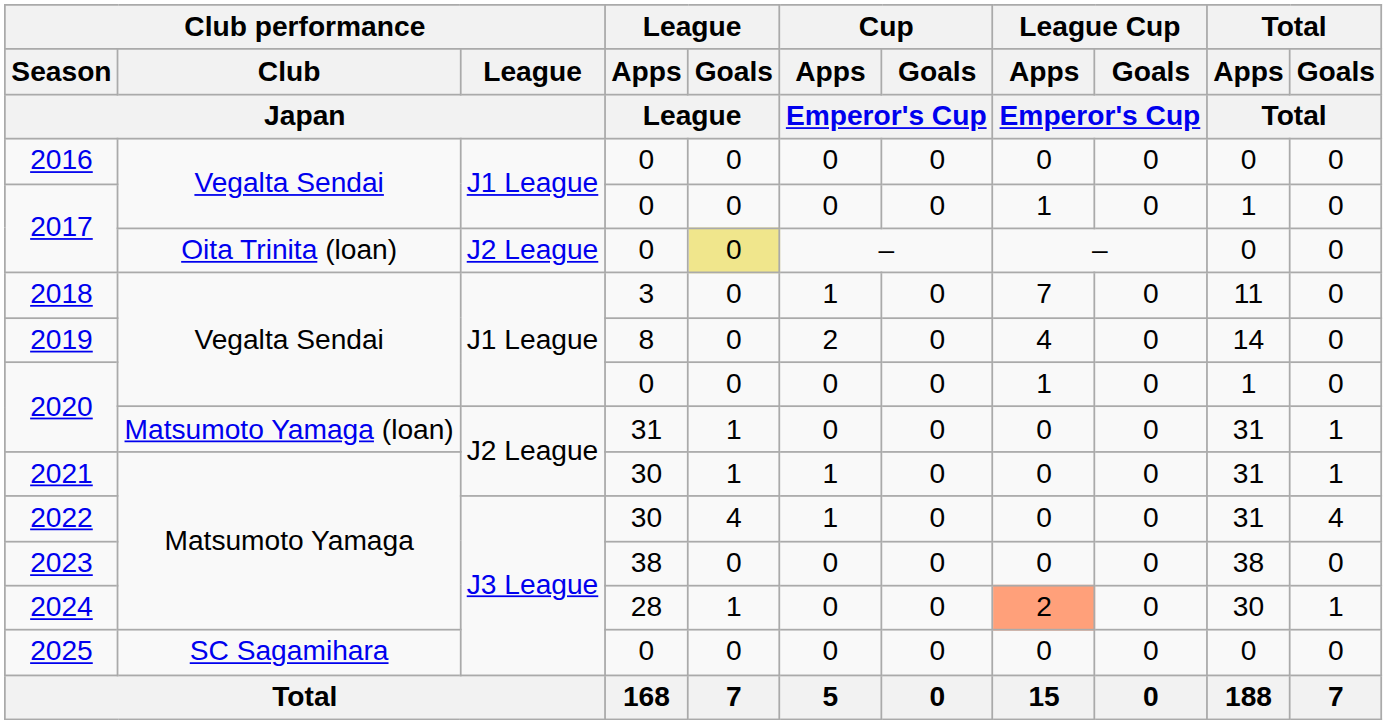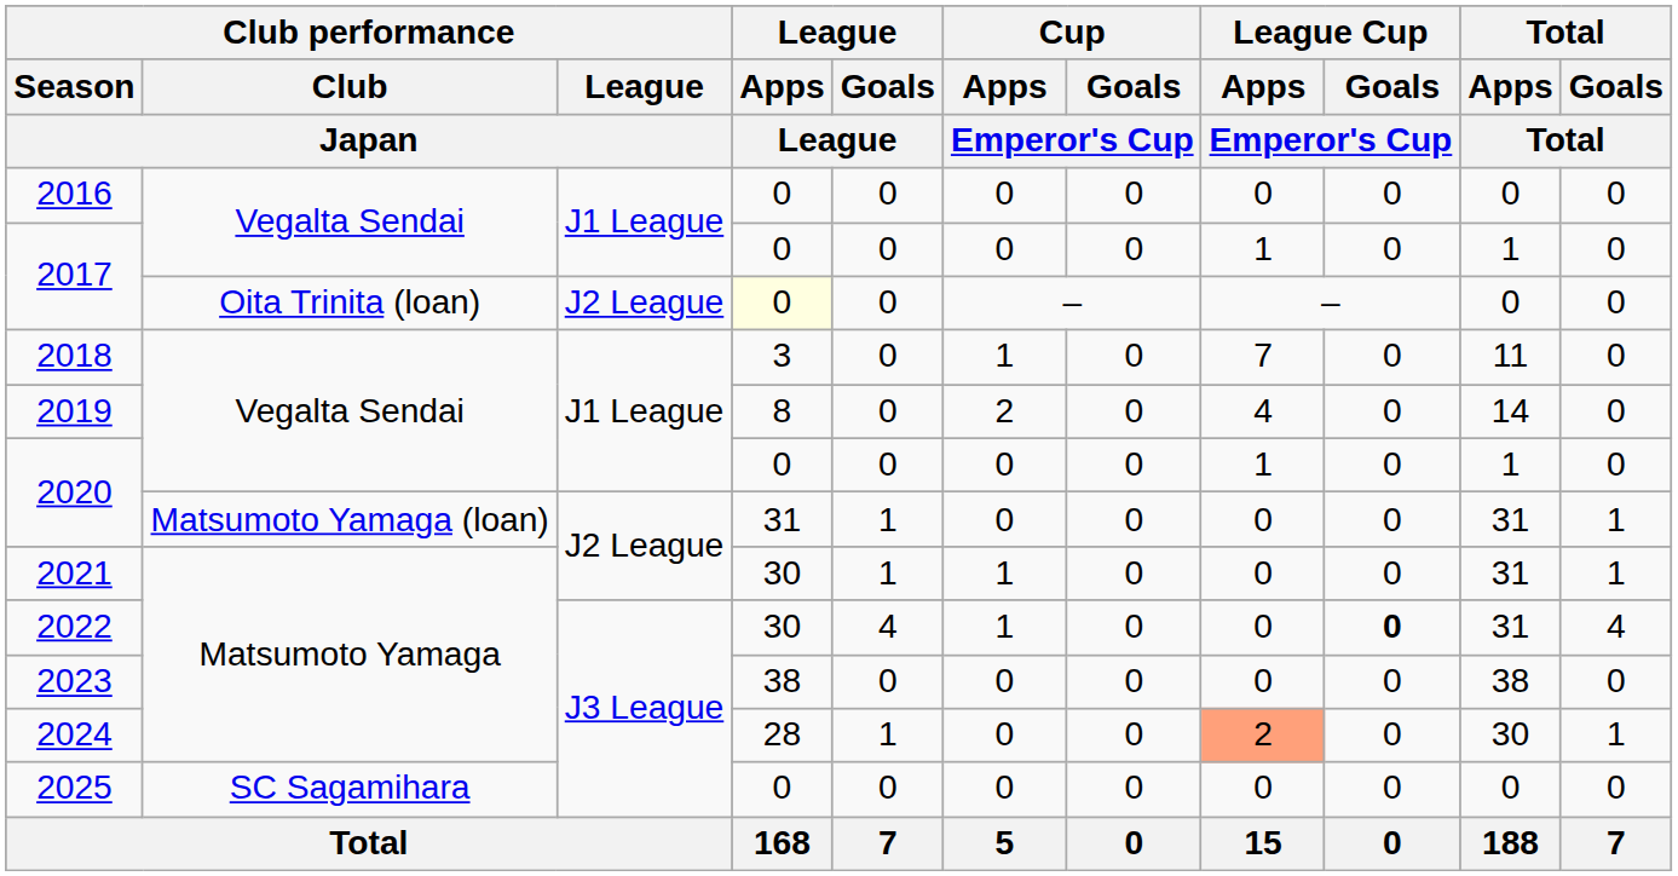 <table class="wikitable" style="text-align:center;">
 <tr>
 <th colspan=3>Club performance</th>
 <th colspan=2>League</th>
 <th colspan=2>Cup</th>
 <th colspan=2>League Cup</th>
 <th colspan=2>Total</th>
 </tr>
 <tr>
 <th>Season</th>
 <th>Club</th>
 <th>League</th>
 <th>Apps</th>
 <th>Goals</th>
 <th>Apps</th>
 <th>Goals</th>
 <th>Apps</th>
 <th>Goals</th>
 <th>Apps</th>
 <th>Goals</th>
 </tr>
 <tr>
 <th colspan=3>Japan</th>
 <th colspan=2>League</th>
 <th colspan=2><a href='#'>Emperor's Cup</a></th>
 <th colspan=2><a href='#'>Emperor's Cup</a></th>
 <th colspan=2>Total</th>
 </tr>
 <tr>
 <td><a href='#'>2016</a></td>
 <td rowspan="2"><a href='#'>Vegalta Sendai</a></td>
 <td rowspan="2"><a href='#'>J1 League</a></td>
 <td>0</td>
 <td>0</td>
 <td>0</td>
 <td>0</td>
 <td>0</td>
 <td>0</td>
 <td>0</td>
 <td>0</td>
 </tr>
 <tr>
 <td rowspan="2"><a href='#'>2017</a></td>
 <td>0</td>
 <td>0</td>
 <td>0</td>
 <td>0</td>
 <td>1</td>
 <td>0</td>
 <td>1</td>
 <td>0</td>
 </tr>
 <tr>
 <td><a href='#'>Oita Trinita</a> (loan)</td>
 <td><a href='#'>J2 League</a></td>
+<td style="background: lightyellow;">0</td>
 <td>0</td>
-<td style="background: khaki;">0</td>
 <td colspan="2">–</td>
 <td colspan="2">–</td>
 <td>0</td>
 <td>0</td>
 </tr>
 <tr>
 <td><a href='#'>2018</a></td>
 <td rowspan="3">Vegalta Sendai</td>
 <td rowspan="3">J1 League</td>
 <td>3</td>
 <td>0</td>
 <td>1</td>
 <td>0</td>
 <td>7</td>
 <td>0</td>
 <td>11</td>
 <td>0</td>
 </tr>
 <tr>
 <td><a href='#'>2019</a></td>
 <td>8</td>
 <td>0</td>
 <td>2</td>
 <td>0</td>
 <td>4</td>
 <td>0</td>
 <td>14</td>
 <td>0</td>
 </tr>
 <tr>
 <td rowspan="2"><a href='#'>2020</a></td>
 <td>0</td>
 <td>0</td>
 <td>0</td>
 <td>0</td>
 <td>1</td>
 <td>0</td>
 <td>1</td>
 <td>0</td>
 </tr>
 <tr>
 <td><a href='#'>Matsumoto Yamaga</a> (loan)</td>
 <td rowspan="2">J2 League</td>
 <td>31</td>
 <td>1</td>
 <td>0</td>
 <td>0</td>
 <td>0</td>
 <td>0</td>
 <td>31</td>
 <td>1</td>
 </tr>
 <tr>
 <td><a href='#'>2021</a></td>
 <td rowspan="4">Matsumoto Yamaga</td>
 <td>30</td>
 <td>1</td>
 <td>1</td>
 <td>0</td>
 <td>0</td>
 <td>0</td>
 <td>31</td>
 <td>1</td>
 </tr>
 <tr>
 <td><a href='#'>2022</a></td>
 <td rowspan="4"><a href='#'>J3 League</a></td>
 <td>30</td>
 <td>4</td>
 <td>1</td>
 <td>0</td>
 <td>0</td>
-<td>0</td>
+<td><strong>0</strong></td>
 <td>31</td>
 <td>4</td>
 </tr>
 <tr>
 <td><a href='#'>2023</a></td>
 <td>38</td>
 <td>0</td>
 <td>0</td>
 <td>0</td>
 <td>0</td>
 <td>0</td>
 <td>38</td>
 <td>0</td>
 </tr>
 <tr>
 <td><a href='#'>2024</a></td>
 <td>28</td>
 <td>1</td>
 <td>0</td>
 <td>0</td>
 <td style="background: lightsalmon;">2</td>
 <td>0</td>
 <td>30</td>
 <td>1</td>
 </tr>
 <tr>
 <td><a href='#'>2025</a></td>
 <td><a href='#'>SC Sagamihara</a></td>
 <td>0</td>
 <td>0</td>
 <td>0</td>
 <td>0</td>
 <td>0</td>
 <td>0</td>
 <td>0</td>
 <td>0</td>
 </tr>
 <tr>
 <th colspan=3>Total</th>
 <th>168</th>
 <th>7</th>
 <th>5</th>
 <th>0</th>
 <th>15</th>
 <th>0</th>
 <th>188</th>
 <th>7</th>
 </tr>
 </table>
